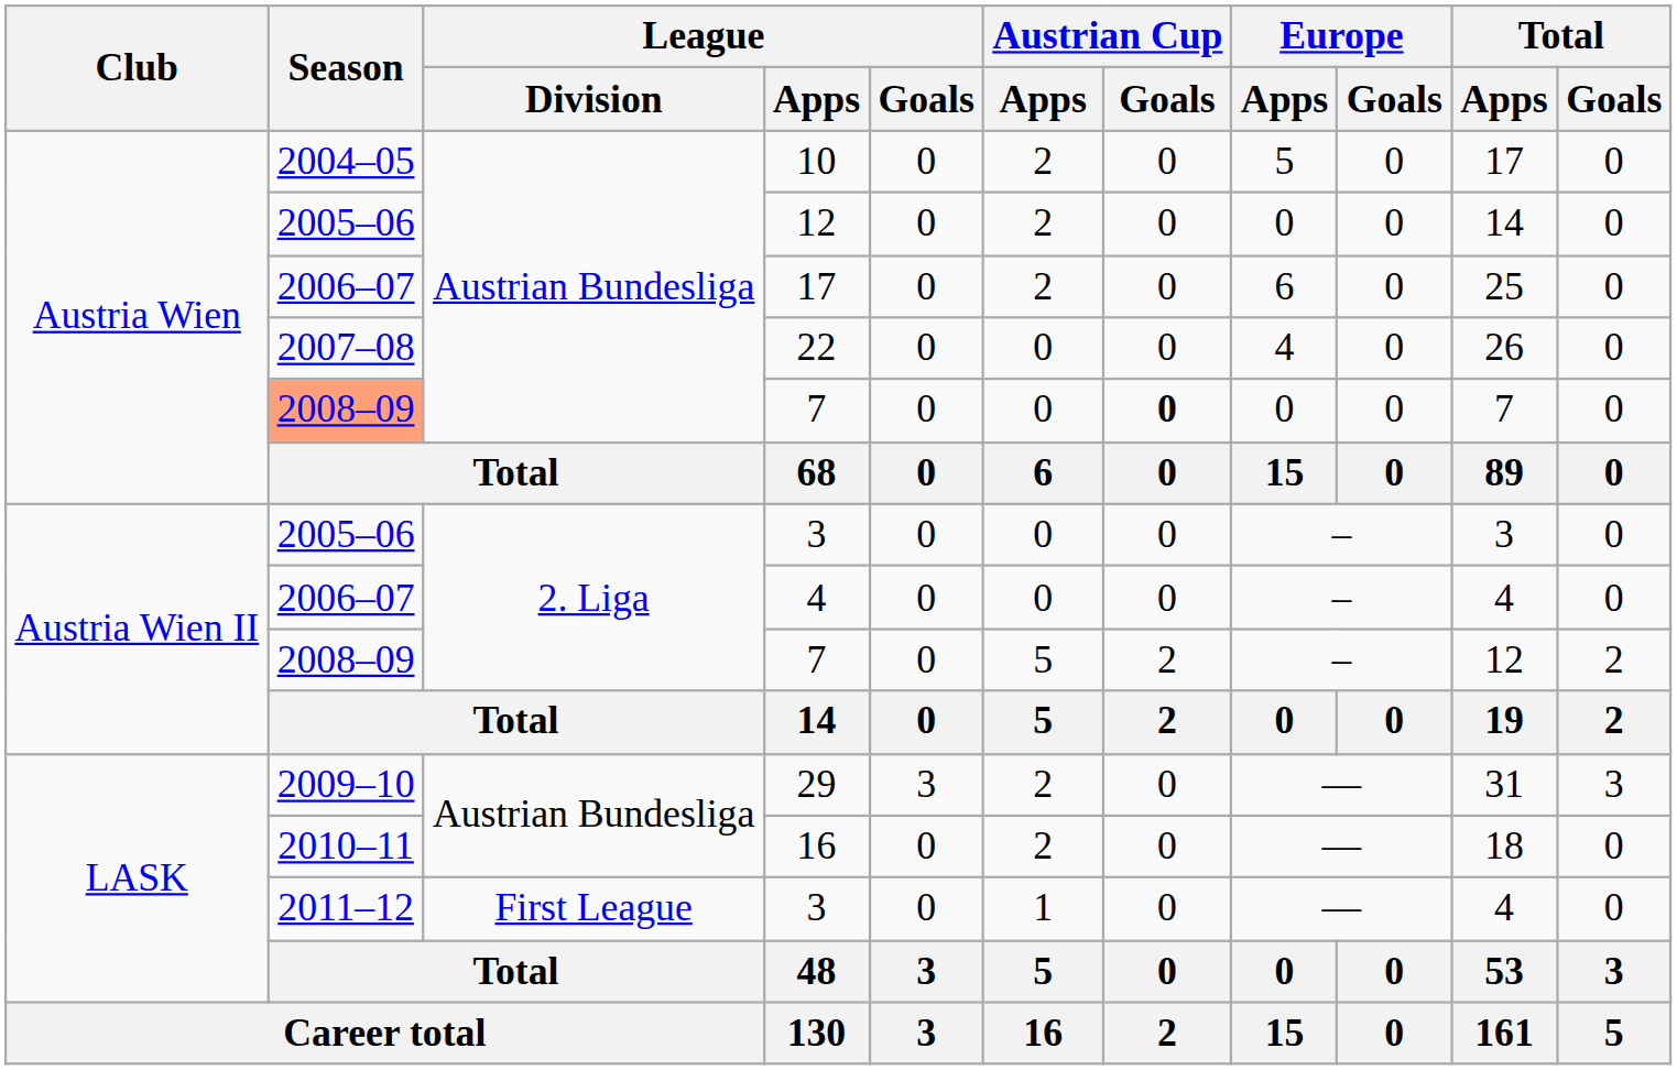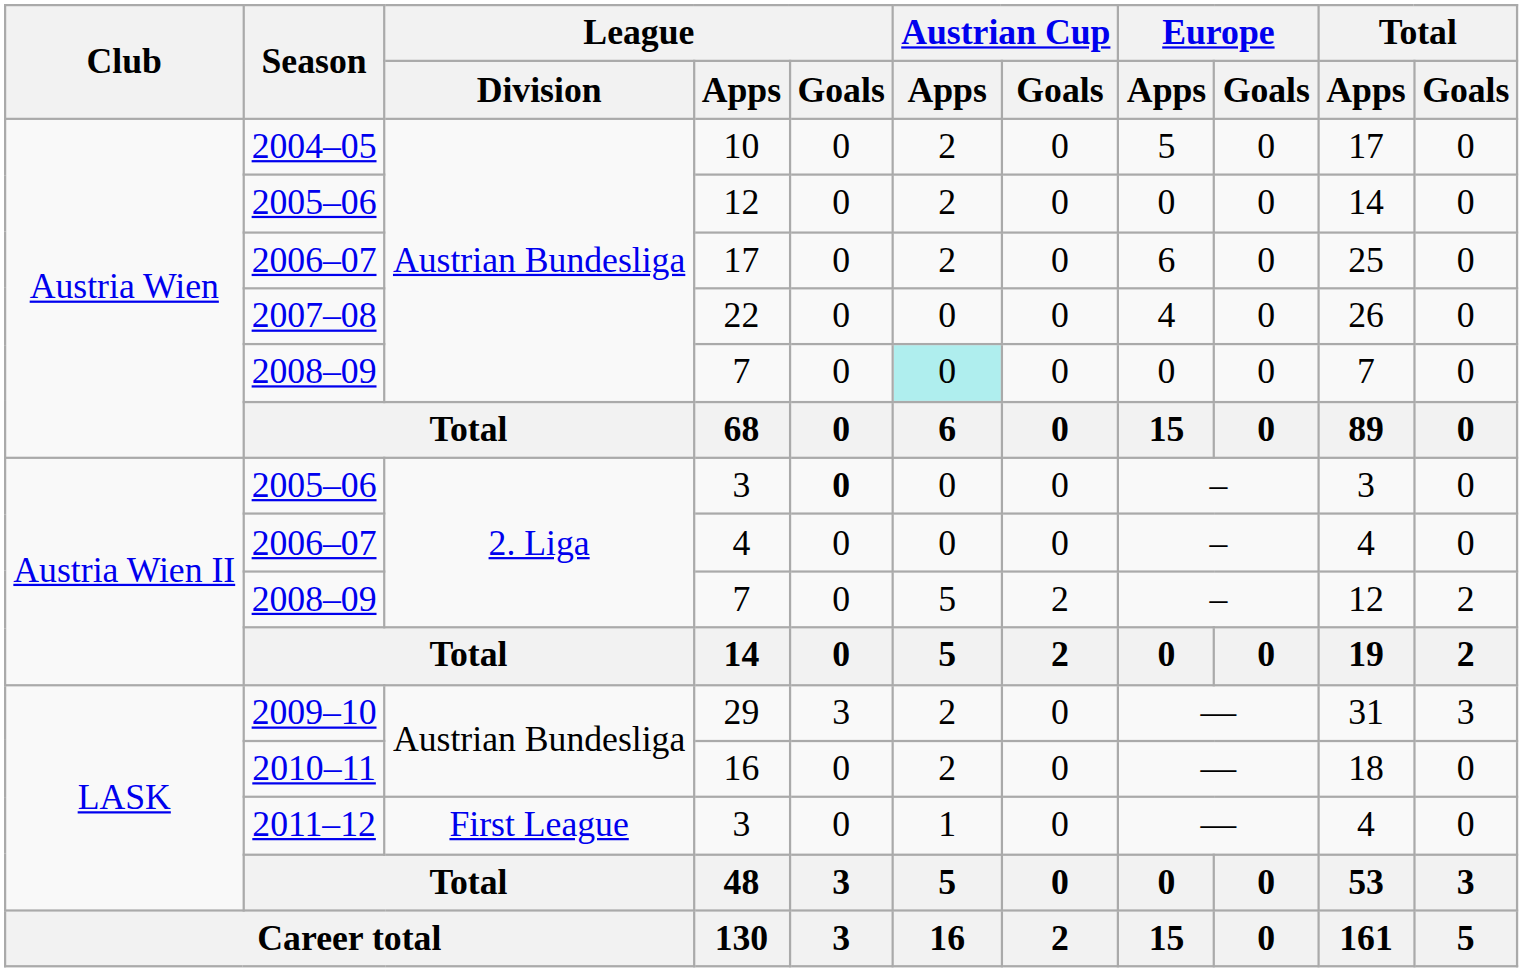 <table class="wikitable" style="text-align:center">
 <tr>
 <th rowspan="2">Club</th>
 <th rowspan="2">Season</th>
 <th colspan="3">League</th>
 <th colspan="2"><a href='#'>Austrian Cup</a></th>
 <th colspan="2"><a href='#'>Europe</a></th>
 <th colspan="2">Total</th>
 </tr>
 <tr>
 <th>Division</th>
 <th>Apps</th>
 <th>Goals</th>
 <th>Apps</th>
 <th>Goals</th>
 <th>Apps</th>
 <th>Goals</th>
 <th>Apps</th>
 <th>Goals</th>
 </tr>
 <tr>
 <td rowspan="6"><a href='#'>Austria Wien</a></td>
 <td><a href='#'>2004–05</a></td>
 <td rowspan="5"><a href='#'>Austrian Bundesliga</a></td>
 <td>10</td>
 <td>0</td>
 <td>2</td>
 <td>0</td>
 <td>5</td>
 <td>0</td>
 <td>17</td>
 <td>0</td>
 </tr>
 <tr>
 <td><a href='#'>2005–06</a></td>
 <td>12</td>
 <td>0</td>
 <td>2</td>
 <td>0</td>
 <td>0</td>
 <td>0</td>
 <td>14</td>
 <td>0</td>
 </tr>
 <tr>
 <td><a href='#'>2006–07</a></td>
 <td>17</td>
 <td>0</td>
 <td>2</td>
 <td>0</td>
 <td>6</td>
 <td>0</td>
 <td>25</td>
 <td>0</td>
 </tr>
 <tr>
 <td><a href='#'>2007–08</a></td>
 <td>22</td>
 <td>0</td>
 <td>0</td>
 <td>0</td>
 <td>4</td>
 <td>0</td>
 <td>26</td>
 <td>0</td>
 </tr>
 <tr>
-<td style="background: lightsalmon;"><a href='#'>2008–09</a></td>
+<td><a href='#'>2008–09</a></td>
 <td>7</td>
 <td>0</td>
+<td style="background: paleturquoise;">0</td>
 <td>0</td>
-<td><strong>0</strong></td>
 <td>0</td>
 <td>0</td>
 <td>7</td>
 <td>0</td>
 </tr>
 <tr>
 <th colspan="2">Total</th>
 <th>68</th>
 <th>0</th>
 <th>6</th>
 <th>0</th>
 <th>15</th>
 <th>0</th>
 <th>89</th>
 <th>0</th>
 </tr>
 <tr>
 <td rowspan="4"><a href='#'>Austria Wien II</a></td>
 <td><a href='#'>2005–06</a></td>
 <td rowspan="3"><a href='#'>2. Liga</a></td>
 <td>3</td>
-<td>0</td>
+<td><strong>0</strong></td>
 <td>0</td>
 <td>0</td>
 <td colspan="2">–</td>
 <td>3</td>
 <td>0</td>
 </tr>
 <tr>
 <td><a href='#'>2006–07</a></td>
 <td>4</td>
 <td>0</td>
 <td>0</td>
 <td>0</td>
 <td colspan="2">–</td>
 <td>4</td>
 <td>0</td>
 </tr>
 <tr>
 <td><a href='#'>2008–09</a></td>
 <td>7</td>
 <td>0</td>
 <td>5</td>
 <td>2</td>
 <td colspan="2">–</td>
 <td>12</td>
 <td>2</td>
 </tr>
 <tr>
 <th colspan="2">Total</th>
 <th>14</th>
 <th>0</th>
 <th>5</th>
 <th>2</th>
 <th>0</th>
 <th>0</th>
 <th>19</th>
 <th>2</th>
 </tr>
 <tr>
 <td rowspan="4"><a href='#'>LASK</a></td>
 <td><a href='#'>2009–10</a></td>
 <td rowspan="2">Austrian Bundesliga</td>
 <td>29</td>
 <td>3</td>
 <td>2</td>
 <td>0</td>
 <td colspan="2">—</td>
 <td>31</td>
 <td>3</td>
 </tr>
 <tr>
 <td><a href='#'>2010–11</a></td>
 <td>16</td>
 <td>0</td>
 <td>2</td>
 <td>0</td>
 <td colspan="2">—</td>
 <td>18</td>
 <td>0</td>
 </tr>
 <tr>
 <td><a href='#'>2011–12</a></td>
 <td><a href='#'>First League</a></td>
 <td>3</td>
 <td>0</td>
 <td>1</td>
 <td>0</td>
 <td colspan="2">—</td>
 <td>4</td>
 <td>0</td>
 </tr>
 <tr>
 <th colspan="2">Total</th>
 <th>48</th>
 <th>3</th>
 <th>5</th>
 <th>0</th>
 <th>0</th>
 <th>0</th>
 <th>53</th>
 <th>3</th>
 </tr>
 <tr>
 <th colspan="3">Career total</th>
 <th>130</th>
 <th>3</th>
 <th>16</th>
 <th>2</th>
 <th>15</th>
 <th>0</th>
 <th>161</th>
 <th>5</th>
 </tr>
 </table>
